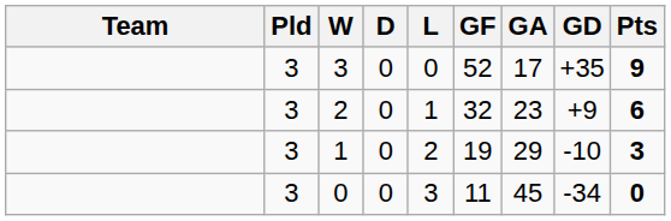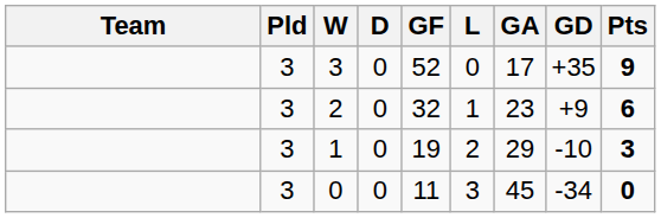 <table class="wikitable" style="text-align:center;">
 <tr>
 <th width=150>Team</th>
 <th width=20>Pld</th>
 <th width=20>W</th>
 <th width=20>D</th>
+<th width=20>GF</th>
 <th width=20>L</th>
-<th width=20>GF</th>
 <th width=20>GA</th>
 <th width=20>GD</th>
 <th width=20>Pts</th>
 </tr>
 <tr>
 <td align="left"></td>
 <td>3</td>
 <td>3</td>
 <td>0</td>
+<td>52</td>
 <td>0</td>
-<td>52</td>
 <td>17</td>
 <td>+35</td>
 <td><strong>9</strong></td>
 </tr>
 <tr>
 <td align="left"></td>
 <td>3</td>
 <td>2</td>
 <td>0</td>
+<td>32</td>
 <td>1</td>
-<td>32</td>
 <td>23</td>
 <td>+9</td>
 <td><strong>6</strong></td>
 </tr>
 <tr>
 <td align="left"></td>
 <td>3</td>
 <td>1</td>
 <td>0</td>
+<td>19</td>
 <td>2</td>
-<td>19</td>
 <td>29</td>
 <td>-10</td>
 <td><strong>3</strong></td>
 </tr>
 <tr>
 <td align="left"></td>
 <td>3</td>
 <td>0</td>
 <td>0</td>
+<td>11</td>
 <td>3</td>
-<td>11</td>
 <td>45</td>
 <td>-34</td>
 <td><strong>0</strong></td>
 </tr>
 </table>
